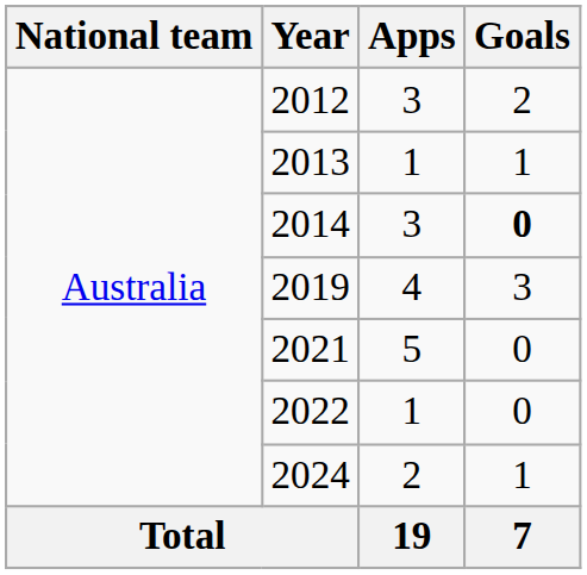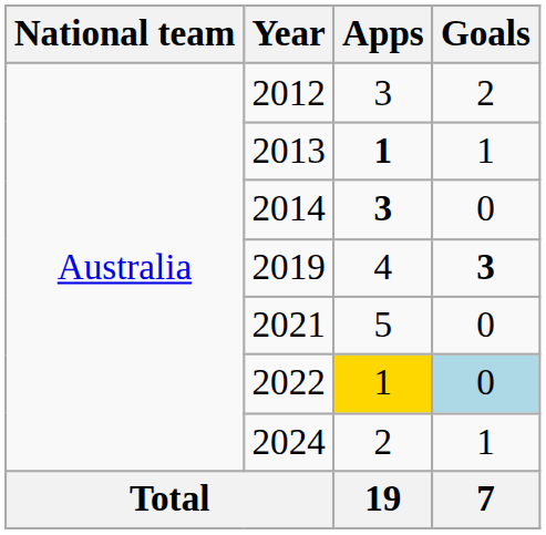 <table class="wikitable" style="text-align:center">
 <tr>
 <th>National team</th>
 <th>Year</th>
 <th>Apps</th>
 <th>Goals</th>
 </tr>
 <tr>
 <td rowspan="7"><a href='#'>Australia</a></td>
 <td>2012</td>
 <td>3</td>
 <td>2</td>
 </tr>
 <tr>
 <td>2013</td>
-<td>1</td>
+<td><strong>1</strong></td>
 <td>1</td>
 </tr>
 <tr>
 <td>2014</td>
-<td>3</td>
-<td><strong>0</strong></td>
+<td><strong>3</strong></td>
+<td>0</td>
 </tr>
 <tr>
 <td>2019</td>
 <td>4</td>
-<td>3</td>
+<td><strong>3</strong></td>
 </tr>
 <tr>
 <td>2021</td>
 <td>5</td>
 <td>0</td>
 </tr>
 <tr>
 <td>2022</td>
-<td>1</td>
-<td>0</td>
+<td style="background: gold;">1</td>
+<td style="background: lightblue;">0</td>
 </tr>
 <tr>
 <td>2024</td>
 <td>2</td>
 <td>1</td>
 </tr>
 <tr>
 <th colspan="2">Total</th>
 <th>19</th>
 <th>7</th>
 </tr>
 </table>
